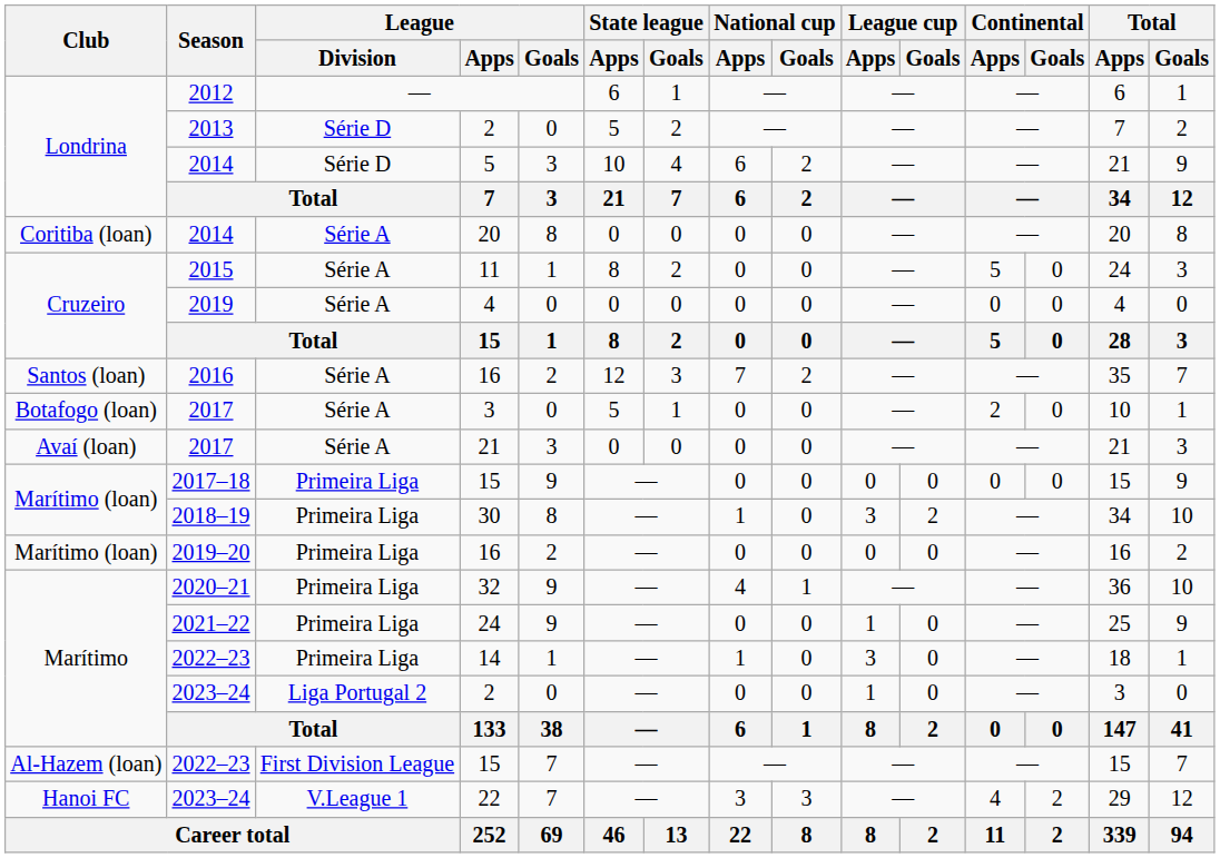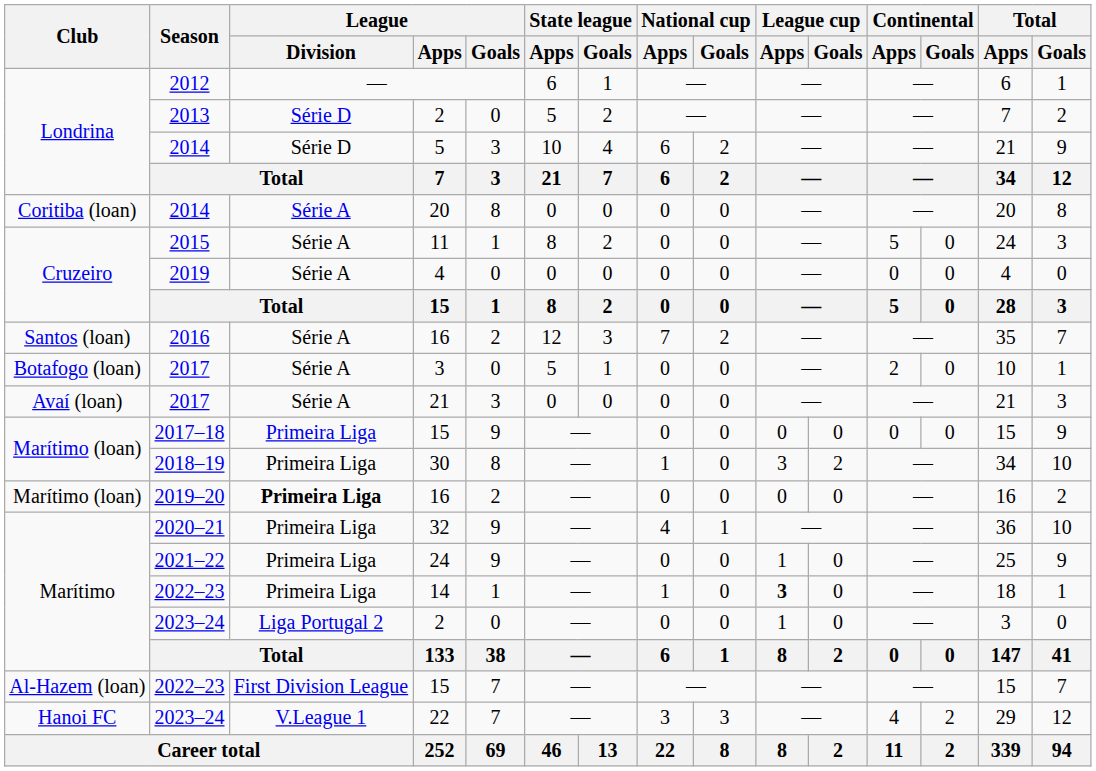 <table class="wikitable" style="text-align: center;">
 <tr>
 <th rowspan="2">Club</th>
 <th rowspan="2">Season</th>
 <th colspan="3">League</th>
 <th colspan="2">State league</th>
 <th colspan="2">National cup</th>
 <th colspan="2">League cup</th>
 <th colspan="2">Continental</th>
 <th colspan="2">Total</th>
 </tr>
 <tr>
 <th>Division</th>
 <th>Apps</th>
 <th>Goals</th>
 <th>Apps</th>
 <th>Goals</th>
 <th>Apps</th>
 <th>Goals</th>
 <th>Apps</th>
 <th>Goals</th>
 <th>Apps</th>
 <th>Goals</th>
 <th>Apps</th>
 <th>Goals</th>
 </tr>
 <tr>
 <td rowspan="4"><a href='#'>Londrina</a></td>
 <td><a href='#'>2012</a></td>
 <td colspan="3">—</td>
 <td>6</td>
 <td>1</td>
 <td colspan="2">—</td>
 <td colspan="2">—</td>
 <td colspan="2">—</td>
 <td>6</td>
 <td>1</td>
 </tr>
 <tr>
 <td><a href='#'>2013</a></td>
 <td><a href='#'>Série D</a></td>
 <td>2</td>
 <td>0</td>
 <td>5</td>
 <td>2</td>
 <td colspan="2">—</td>
 <td colspan="2">—</td>
 <td colspan="2">—</td>
 <td>7</td>
 <td>2</td>
 </tr>
 <tr>
 <td><a href='#'>2014</a></td>
 <td>Série D</td>
 <td>5</td>
 <td>3</td>
 <td>10</td>
 <td>4</td>
 <td>6</td>
 <td>2</td>
 <td colspan="2">—</td>
 <td colspan="2">—</td>
 <td>21</td>
 <td>9</td>
 </tr>
 <tr>
 <th colspan="2">Total</th>
 <th>7</th>
 <th>3</th>
 <th>21</th>
 <th>7</th>
 <th>6</th>
 <th>2</th>
 <th colspan="2">—</th>
 <th colspan="2">—</th>
 <th>34</th>
 <th>12</th>
 </tr>
 <tr>
 <td><a href='#'>Coritiba</a> (loan)</td>
 <td><a href='#'>2014</a></td>
 <td><a href='#'>Série A</a></td>
 <td>20</td>
 <td>8</td>
 <td>0</td>
 <td>0</td>
 <td>0</td>
 <td>0</td>
 <td colspan="2">—</td>
 <td colspan="2">—</td>
 <td>20</td>
 <td>8</td>
 </tr>
 <tr>
 <td rowspan="3"><a href='#'>Cruzeiro</a></td>
 <td><a href='#'>2015</a></td>
 <td>Série A</td>
 <td>11</td>
 <td>1</td>
 <td>8</td>
 <td>2</td>
 <td>0</td>
 <td>0</td>
 <td colspan="2">—</td>
 <td>5</td>
 <td>0</td>
 <td>24</td>
 <td>3</td>
 </tr>
 <tr>
 <td><a href='#'>2019</a></td>
 <td>Série A</td>
 <td>4</td>
 <td>0</td>
 <td>0</td>
 <td>0</td>
 <td>0</td>
 <td>0</td>
 <td colspan="2">—</td>
 <td>0</td>
 <td>0</td>
 <td>4</td>
 <td>0</td>
 </tr>
 <tr>
 <th colspan="2">Total</th>
 <th>15</th>
 <th>1</th>
 <th>8</th>
 <th>2</th>
 <th>0</th>
 <th>0</th>
 <th colspan="2">—</th>
 <th>5</th>
 <th>0</th>
 <th>28</th>
 <th>3</th>
 </tr>
 <tr>
 <td><a href='#'>Santos</a> (loan)</td>
 <td><a href='#'>2016</a></td>
 <td>Série A</td>
 <td>16</td>
 <td>2</td>
 <td>12</td>
 <td>3</td>
 <td>7</td>
 <td>2</td>
 <td colspan="2">—</td>
 <td colspan="2">—</td>
 <td>35</td>
 <td>7</td>
 </tr>
 <tr>
 <td><a href='#'>Botafogo</a> (loan)</td>
 <td><a href='#'>2017</a></td>
 <td>Série A</td>
 <td>3</td>
 <td>0</td>
 <td>5</td>
 <td>1</td>
 <td>0</td>
 <td>0</td>
 <td colspan="2">—</td>
 <td>2</td>
 <td>0</td>
 <td>10</td>
 <td>1</td>
 </tr>
 <tr>
 <td><a href='#'>Avaí</a> (loan)</td>
 <td><a href='#'>2017</a></td>
 <td>Série A</td>
 <td>21</td>
 <td>3</td>
 <td>0</td>
 <td>0</td>
 <td>0</td>
 <td>0</td>
 <td colspan="2">—</td>
 <td colspan="2">—</td>
 <td>21</td>
 <td>3</td>
 </tr>
 <tr>
 <td rowspan="2"><a href='#'>Marítimo</a> (loan)</td>
 <td><a href='#'>2017–18</a></td>
 <td><a href='#'>Primeira Liga</a></td>
 <td>15</td>
 <td>9</td>
 <td colspan="2">—</td>
 <td>0</td>
 <td>0</td>
 <td>0</td>
 <td>0</td>
 <td>0</td>
 <td>0</td>
 <td>15</td>
 <td>9</td>
 </tr>
 <tr>
 <td><a href='#'>2018–19</a></td>
 <td>Primeira Liga</td>
 <td>30</td>
 <td>8</td>
 <td colspan="2">—</td>
 <td>1</td>
 <td>0</td>
 <td>3</td>
 <td>2</td>
 <td colspan="2">—</td>
 <td>34</td>
 <td>10</td>
 </tr>
 <tr>
 <td>Marítimo (loan)</td>
 <td><a href='#'>2019–20</a></td>
-<td>Primeira Liga</td>
+<td><strong>Primeira Liga</strong></td>
 <td>16</td>
 <td>2</td>
 <td colspan="2">—</td>
 <td>0</td>
 <td>0</td>
 <td>0</td>
 <td>0</td>
 <td colspan="2">—</td>
 <td>16</td>
 <td>2</td>
 </tr>
 <tr>
 <td rowspan="5">Marítimo</td>
 <td><a href='#'>2020–21</a></td>
 <td>Primeira Liga</td>
 <td>32</td>
 <td>9</td>
 <td colspan="2">—</td>
 <td>4</td>
 <td>1</td>
 <td colspan="2">—</td>
 <td colspan="2">—</td>
 <td>36</td>
 <td>10</td>
 </tr>
 <tr>
 <td><a href='#'>2021–22</a></td>
 <td>Primeira Liga</td>
 <td>24</td>
 <td>9</td>
 <td colspan="2">—</td>
 <td>0</td>
 <td>0</td>
 <td>1</td>
 <td>0</td>
 <td colspan="2">—</td>
 <td>25</td>
 <td>9</td>
 </tr>
 <tr>
 <td><a href='#'>2022–23</a></td>
 <td>Primeira Liga</td>
 <td>14</td>
 <td>1</td>
 <td colspan="2">—</td>
 <td>1</td>
 <td>0</td>
-<td>3</td>
+<td><strong>3</strong></td>
 <td>0</td>
 <td colspan="2">—</td>
 <td>18</td>
 <td>1</td>
 </tr>
 <tr>
 <td><a href='#'>2023–24</a></td>
 <td><a href='#'>Liga Portugal 2</a></td>
 <td>2</td>
 <td>0</td>
 <td colspan="2">—</td>
 <td>0</td>
 <td>0</td>
 <td>1</td>
 <td>0</td>
 <td colspan="2">—</td>
 <td>3</td>
 <td>0</td>
 </tr>
 <tr>
 <th colspan="2">Total</th>
 <th>133</th>
 <th>38</th>
 <th colspan="2">—</th>
 <th>6</th>
 <th>1</th>
 <th>8</th>
 <th>2</th>
 <th>0</th>
 <th>0</th>
 <th>147</th>
 <th>41</th>
 </tr>
 <tr>
 <td><a href='#'>Al-Hazem</a> (loan)</td>
 <td><a href='#'>2022–23</a></td>
 <td><a href='#'>First Division League</a></td>
 <td>15</td>
 <td>7</td>
 <td colspan="2">—</td>
 <td colspan="2">—</td>
 <td colspan="2">—</td>
 <td colspan="2">—</td>
 <td>15</td>
 <td>7</td>
 </tr>
 <tr>
 <td><a href='#'>Hanoi FC</a></td>
 <td><a href='#'>2023–24</a></td>
 <td><a href='#'>V.League 1</a></td>
 <td>22</td>
 <td>7</td>
 <td colspan="2">—</td>
 <td>3</td>
 <td>3</td>
 <td colspan="2">—</td>
 <td>4</td>
 <td>2</td>
 <td>29</td>
 <td>12</td>
 </tr>
 <tr>
 <th colspan="3">Career total</th>
 <th>252</th>
 <th>69</th>
 <th>46</th>
 <th>13</th>
 <th>22</th>
 <th>8</th>
 <th>8</th>
 <th>2</th>
 <th>11</th>
 <th>2</th>
 <th>339</th>
 <th>94</th>
 </tr>
 </table>
